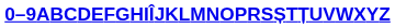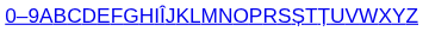 <table id="toc" class="toc" summary="Class">
 <tr>
 <th></th>
 </tr>
 <tr>
-<td style="text-align:center;"><strong><a href='#'>0–9</a><a href='#'>A</a><a href='#'>B</a><a href='#'>C</a><a href='#'>D</a><a href='#'>E</a><a href='#'>F</a><a href='#'>G</a><a href='#'>H</a><a href='#'>I</a><a href='#'>Î</a><a href='#'>J</a><a href='#'>K</a><a href='#'>L</a><a href='#'>M</a><a href='#'>N</a><a href='#'>O</a><a href='#'>P</a><a href='#'>R</a><a href='#'>S</a><a href='#'>Ș</a><a href='#'>T</a><a href='#'>Ț</a><a href='#'>U</a><a href='#'>V</a><a href='#'>W</a><a href='#'>X</a><a href='#'>Y</a><a href='#'>Z</a></strong></td>
+<td style="text-align:center;"><a href='#'>0–9</a><a href='#'>A</a><a href='#'>B</a><a href='#'>C</a><a href='#'>D</a><a href='#'>E</a><a href='#'>F</a><a href='#'>G</a><a href='#'>H</a><a href='#'>I</a><a href='#'>Î</a><a href='#'>J</a><a href='#'>K</a><a href='#'>L</a><a href='#'>M</a><a href='#'>N</a><a href='#'>O</a><a href='#'>P</a><a href='#'>R</a><a href='#'>S</a><a href='#'>Ș</a><a href='#'>T</a><a href='#'>Ț</a><a href='#'>U</a><a href='#'>V</a><a href='#'>W</a><a href='#'>X</a><a href='#'>Y</a><a href='#'>Z</a></td>
 </tr>
 </table>
